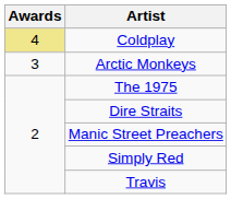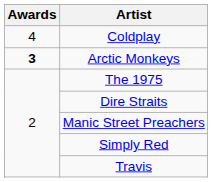 <table class="wikitable" rowspan="2" style="text-align:center;">
 <tr>
 <th scope="col" style="width:55px;">Awards</th>
 <th scope="col" style="text-align:center;">Artist</th>
 </tr>
 <tr>
-<td style="background: khaki;">4</td>
+<td>4</td>
 <td><a href='#'>Coldplay</a></td>
 </tr>
 <tr>
-<td>3</td>
+<td><strong>3</strong></td>
 <td><a href='#'>Arctic Monkeys</a></td>
 </tr>
 <tr>
 <td rowspan="5">2</td>
 <td><a href='#'>The 1975</a></td>
 </tr>
 <tr>
 <td><a href='#'>Dire Straits</a></td>
 </tr>
 <tr>
 <td><a href='#'>Manic Street Preachers</a></td>
 </tr>
 <tr>
 <td><a href='#'>Simply Red</a></td>
 </tr>
 <tr>
 <td><a href='#'>Travis</a></td>
 </tr>
 </table>
